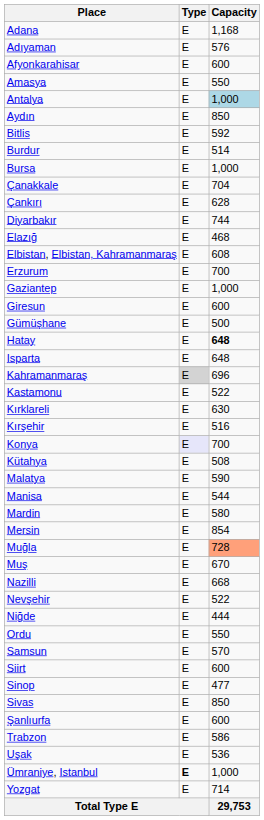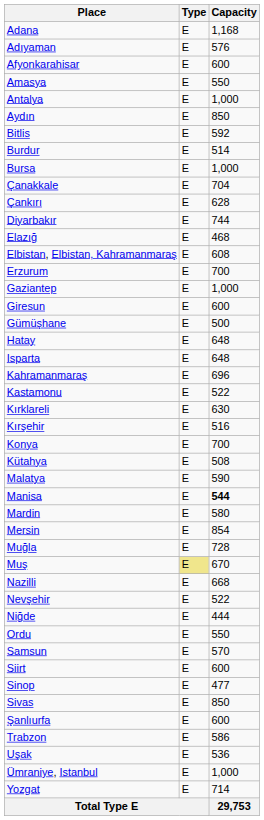 <table class="wikitable">
 <tr>
 <th>Place</th>
 <th>Type</th>
 <th>Capacity</th>
 </tr>
 <tr>
 <td><a href='#'>Adana</a></td>
 <td>E</td>
 <td>1,168</td>
 </tr>
 <tr>
 <td><a href='#'>Adıyaman</a></td>
 <td>E</td>
 <td>576</td>
 </tr>
 <tr>
 <td><a href='#'>Afyonkarahisar</a></td>
 <td>E</td>
 <td>600</td>
 </tr>
 <tr>
 <td><a href='#'>Amasya</a></td>
 <td>E</td>
 <td>550</td>
 </tr>
 <tr>
 <td><a href='#'>Antalya</a></td>
 <td>E</td>
-<td style="background: lightblue;">1,000</td>
+<td>1,000</td>
 </tr>
 <tr>
 <td><a href='#'>Aydın</a></td>
 <td>E</td>
 <td>850</td>
 </tr>
 <tr>
 <td><a href='#'>Bitlis</a></td>
 <td>E</td>
 <td>592</td>
 </tr>
 <tr>
 <td><a href='#'>Burdur</a></td>
 <td>E</td>
 <td>514</td>
 </tr>
 <tr>
 <td><a href='#'>Bursa</a></td>
 <td>E</td>
 <td>1,000</td>
 </tr>
 <tr>
 <td><a href='#'>Çanakkale</a></td>
 <td>E</td>
 <td>704</td>
 </tr>
 <tr>
 <td><a href='#'>Çankırı</a></td>
 <td>E</td>
 <td>628</td>
 </tr>
 <tr>
 <td><a href='#'>Diyarbakır</a></td>
 <td>E</td>
 <td>744</td>
 </tr>
 <tr>
 <td><a href='#'>Elazığ</a></td>
 <td>E</td>
 <td>468</td>
 </tr>
 <tr>
 <td><a href='#'>Elbistan</a>, <a href='#'>Elbistan, Kahramanmaraş</a></td>
 <td>E</td>
 <td>608</td>
 </tr>
 <tr>
 <td><a href='#'>Erzurum</a></td>
 <td>E</td>
 <td>700</td>
 </tr>
 <tr>
 <td><a href='#'>Gaziantep</a></td>
 <td>E</td>
 <td>1,000</td>
 </tr>
 <tr>
 <td><a href='#'>Giresun</a></td>
 <td>E</td>
 <td>600</td>
 </tr>
 <tr>
 <td><a href='#'>Gümüşhane</a></td>
 <td>E</td>
 <td>500</td>
 </tr>
 <tr>
 <td><a href='#'>Hatay</a></td>
 <td>E</td>
-<td><strong>648</strong></td>
+<td>648</td>
 </tr>
 <tr>
 <td><a href='#'>Isparta</a></td>
 <td>E</td>
 <td>648</td>
 </tr>
 <tr>
 <td><a href='#'>Kahramanmaraş</a></td>
-<td style="background: lightgrey;">E</td>
+<td>E</td>
 <td>696</td>
 </tr>
 <tr>
 <td><a href='#'>Kastamonu</a></td>
 <td>E</td>
 <td>522</td>
 </tr>
 <tr>
 <td><a href='#'>Kırklareli</a></td>
 <td>E</td>
 <td>630</td>
 </tr>
 <tr>
 <td><a href='#'>Kırşehir</a></td>
 <td>E</td>
 <td>516</td>
 </tr>
 <tr>
 <td><a href='#'>Konya</a></td>
-<td style="background: lavender;">E</td>
+<td>E</td>
 <td>700</td>
 </tr>
 <tr>
 <td><a href='#'>Kütahya</a></td>
 <td>E</td>
 <td>508</td>
 </tr>
 <tr>
 <td><a href='#'>Malatya</a></td>
 <td>E</td>
 <td>590</td>
 </tr>
 <tr>
 <td><a href='#'>Manisa</a></td>
 <td>E</td>
-<td>544</td>
+<td><strong>544</strong></td>
 </tr>
 <tr>
 <td><a href='#'>Mardin</a></td>
 <td>E</td>
 <td>580</td>
 </tr>
 <tr>
 <td><a href='#'>Mersin</a></td>
 <td>E</td>
 <td>854</td>
 </tr>
 <tr>
 <td><a href='#'>Muğla</a></td>
 <td>E</td>
-<td style="background: lightsalmon;">728</td>
+<td>728</td>
 </tr>
 <tr>
 <td><a href='#'>Muş</a></td>
-<td>E</td>
+<td style="background: khaki;">E</td>
 <td>670</td>
 </tr>
 <tr>
 <td><a href='#'>Nazilli</a></td>
 <td>E</td>
 <td>668</td>
 </tr>
 <tr>
 <td><a href='#'>Nevşehir</a></td>
 <td>E</td>
 <td>522</td>
 </tr>
 <tr>
 <td><a href='#'>Niğde</a></td>
 <td>E</td>
 <td>444</td>
 </tr>
 <tr>
 <td><a href='#'>Ordu</a></td>
 <td>E</td>
 <td>550</td>
 </tr>
 <tr>
 <td><a href='#'>Samsun</a></td>
 <td>E</td>
 <td>570</td>
 </tr>
 <tr>
 <td><a href='#'>Siirt</a></td>
 <td>E</td>
 <td>600</td>
 </tr>
 <tr>
 <td><a href='#'>Sinop</a></td>
 <td>E</td>
 <td>477</td>
 </tr>
 <tr>
 <td><a href='#'>Sivas</a></td>
 <td>E</td>
 <td>850</td>
 </tr>
 <tr>
 <td><a href='#'>Şanlıurfa</a></td>
 <td>E</td>
 <td>600</td>
 </tr>
 <tr>
 <td><a href='#'>Trabzon</a></td>
 <td>E</td>
 <td>586</td>
 </tr>
 <tr>
 <td><a href='#'>Uşak</a></td>
 <td>E</td>
 <td>536</td>
 </tr>
 <tr>
 <td><a href='#'>Ümraniye</a>, <a href='#'>Istanbul</a></td>
-<td><strong>E</strong></td>
+<td>E</td>
 <td>1,000</td>
 </tr>
 <tr>
 <td><a href='#'>Yozgat</a></td>
 <td>E</td>
 <td>714</td>
 </tr>
 <tr>
 <th colspan=2>Total Type E</th>
 <th>29,753</th>
 </tr>
 </table>
